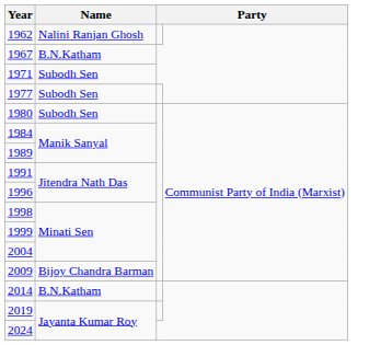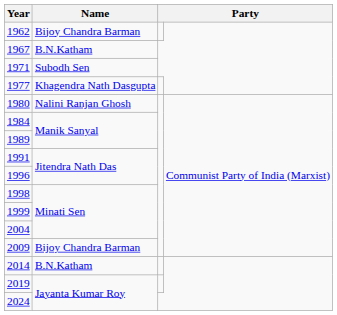 <table class="wikitable">
 <tr>
 <th>Year</th>
 <th>Name</th>
 <th colspan="2">Party</th>
 </tr>
 <tr>
 <td><a href='#'>1962</a></td>
-<td><a href='#'>Nalini Ranjan Ghosh</a></td>
+<td><a href='#'>Bijoy Chandra Barman</a></td>
 <td></td>
 </tr>
 <tr>
 <td><a href='#'>1967</a></td>
 <td><a href='#'>B.N.Katham</a></td>
 </tr>
 <tr>
 <td><a href='#'>1971</a></td>
 <td><a href='#'>Subodh Sen</a></td>
 </tr>
 <tr>
 <td><a href='#'>1977</a></td>
-<td><a href='#'>Subodh Sen</a></td>
+<td><a href='#'>Khagendra Nath Dasgupta</a></td>
 <td></td>
 </tr>
 <tr>
 <td><a href='#'>1980</a></td>
-<td><a href='#'>Subodh Sen</a></td>
+<td><a href='#'>Nalini Ranjan Ghosh</a></td>
 <td rowspan=9 style="background-color: "></td>
 <td rowspan=9><a href='#'>Communist Party of India (Marxist)</a></td>
 </tr>
 <tr>
 <td><a href='#'>1984</a></td>
 <td rowspan="2"><a href='#'>Manik Sanyal</a></td>
 </tr>
 <tr>
 <td><a href='#'>1989</a></td>
 </tr>
 <tr>
 <td><a href='#'>1991</a></td>
 <td rowspan="2"><a href='#'>Jitendra Nath Das</a></td>
 </tr>
 <tr>
 <td><a href='#'>1996</a></td>
 </tr>
 <tr>
 <td><a href='#'>1998</a></td>
 <td rowspan="3"><a href='#'>Minati Sen</a></td>
 </tr>
 <tr>
 <td><a href='#'>1999</a></td>
 </tr>
 <tr>
 <td><a href='#'>2004</a></td>
 </tr>
 <tr>
 <td><a href='#'>2009</a></td>
 <td><a href='#'>Bijoy Chandra Barman</a></td>
 </tr>
 <tr>
 <td><a href='#'>2014</a></td>
 <td><a href='#'>B.N.Katham</a></td>
 <td></td>
 </tr>
 <tr>
 <td><a href='#'>2019</a></td>
 <td rowspan="2"><a href='#'>Jayanta Kumar Roy</a></td>
 <td></td>
 </tr>
 <tr>
 <td><a href='#'>2024</a></td>
 </tr>
 </table>
